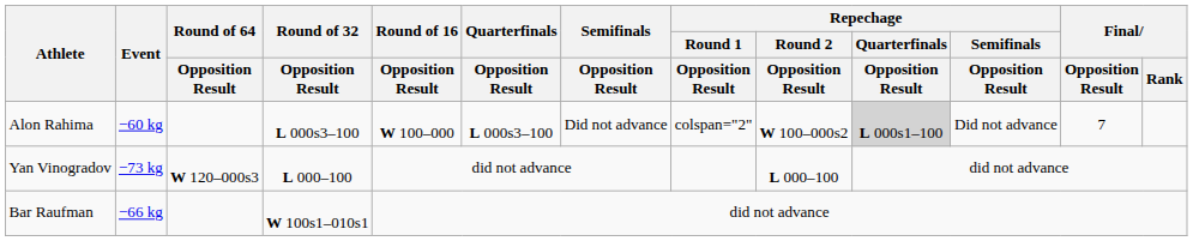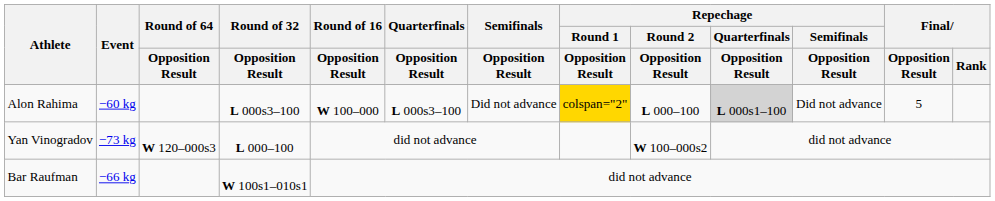 <table class="wikitable" style="font-size:90%">
 <tr>
 <th rowspan="3">Athlete</th>
 <th rowspan="3">Event</th>
 <th rowspan="2">Round of 64</th>
 <th rowspan="2">Round of 32</th>
 <th rowspan="2">Round of 16</th>
 <th rowspan="2">Quarterfinals</th>
 <th rowspan="2">Semifinals</th>
 <th colspan="4">Repechage</th>
 <th rowspan="2" colspan="2">Final/</th>
 </tr>
 <tr>
 <th>Round 1</th>
 <th>Round 2</th>
 <th>Quarterfinals</th>
 <th>Semifinals</th>
 </tr>
 <tr>
 <th>Opposition<br>Result</th>
 <th>Opposition<br>Result</th>
 <th>Opposition<br>Result</th>
 <th>Opposition<br>Result</th>
 <th>Opposition<br>Result</th>
 <th>Opposition<br>Result</th>
 <th>Opposition<br>Result</th>
 <th>Opposition<br>Result</th>
 <th>Opposition<br>Result</th>
 <th>Opposition<br>Result</th>
 <th>Rank</th>
 </tr>
 <tr align=center>
 <td align=left>Alon Rahima</td>
 <td align=left><a href='#'>−60 kg</a></td>
 <td></td>
 <td><br> <strong>L</strong> 000s3–100</td>
 <td><br> <strong>W</strong> 100–000</td>
 <td><br> <strong>L</strong> 000s3–100</td>
 <td>Did not advance</td>
-<td>colspan="2" </td>
-<td><br> <strong>W</strong> 100–000s2</td>
+<td style="background: gold;">colspan="2" </td>
+<td><br> <strong>L</strong> 000–100</td>
 <td style="background: lightgrey;"><br> <strong>L</strong> 000s1–100</td>
 <td>Did not advance</td>
-<td>7</td>
+<td>5</td>
 </tr>
 <tr align=center>
 <td align=left>Yan Vinogradov</td>
 <td align=left><a href='#'>−73 kg</a></td>
 <td><br> <strong>W</strong> 120–000s3</td>
 <td><br> <strong>L</strong> 000–100</td>
 <td colspan="3">did not advance</td>
 <td></td>
-<td><br> <strong>L</strong> 000–100</td>
+<td><br> <strong>W</strong> 100–000s2</td>
 <td colspan="4">did not advance</td>
 </tr>
 <tr align=center>
 <td align=left>Bar Raufman</td>
 <td align=left><a href='#'>−66 kg</a></td>
 <td></td>
 <td><br> <strong>W</strong> 100s1–010s1</td>
 <td colspan="9">did not advance</td>
 </tr>
 </table>
